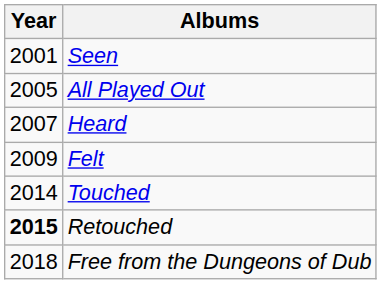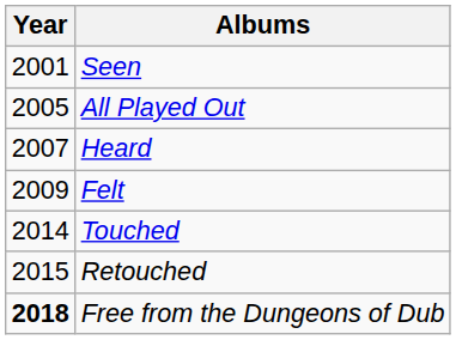 <table class="wikitable">
 <tr>
 <th>Year</th>
 <th>Albums</th>
 </tr>
 <tr>
 <td>2001</td>
 <td><em><a href='#'>Seen</a></em></td>
 </tr>
 <tr>
 <td>2005</td>
 <td><em><a href='#'>All Played Out</a></em></td>
 </tr>
 <tr>
 <td>2007</td>
 <td><em><a href='#'>Heard</a></em></td>
 </tr>
 <tr>
 <td>2009</td>
 <td><em><a href='#'>Felt</a></em></td>
 </tr>
 <tr>
 <td>2014</td>
 <td><em><a href='#'>Touched</a></em></td>
 </tr>
 <tr>
-<td><strong>2015</strong></td>
+<td>2015</td>
 <td><em>Retouched</em></td>
 </tr>
 <tr>
-<td>2018</td>
+<td><strong>2018</strong></td>
 <td><em>Free from the Dungeons of Dub</em></td>
 </tr>
 </table>
